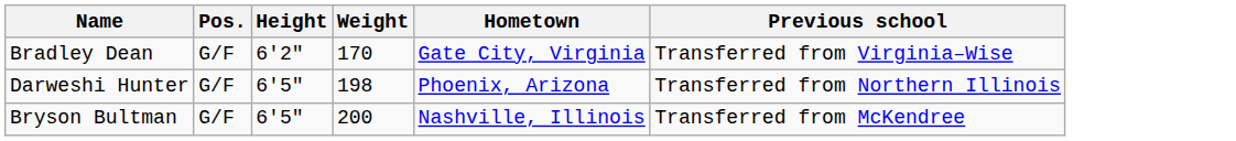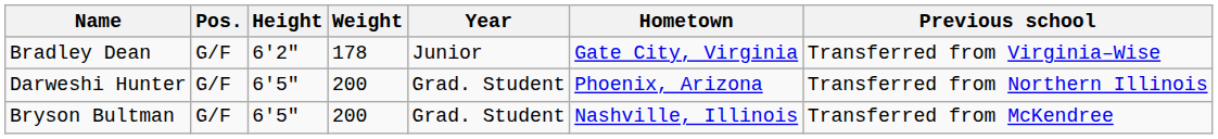 <table class="wikitable sortable" border="1">
 <tr align=center>
 <th>Name</th>
 <th>Pos.</th>
 <th>Height</th>
 <th>Weight</th>
+<th>Year</th>
 <th>Hometown</th>
 <th>Previous school</th>
 </tr>
 <tr>
 <td>Bradley Dean</td>
 <td>G/F</td>
 <td>6'2"</td>
-<td>170</td>
+<td>178</td>
+<td>Junior</td>
 <td><a href='#'>Gate City, Virginia</a></td>
 <td>Transferred from <a href='#'>Virginia–Wise</a></td>
 </tr>
 <tr>
 <td>Darweshi Hunter</td>
 <td>G/F</td>
 <td>6'5"</td>
-<td>198</td>
+<td>200</td>
+<td>Grad. Student</td>
 <td><a href='#'>Phoenix, Arizona</a></td>
 <td>Transferred from <a href='#'>Northern Illinois</a></td>
 </tr>
 <tr>
 <td>Bryson Bultman</td>
 <td>G/F</td>
 <td>6'5"</td>
 <td>200</td>
+<td>Grad. Student</td>
 <td><a href='#'>Nashville, Illinois</a></td>
 <td>Transferred from <a href='#'>McKendree</a></td>
 </tr>
 </table>
